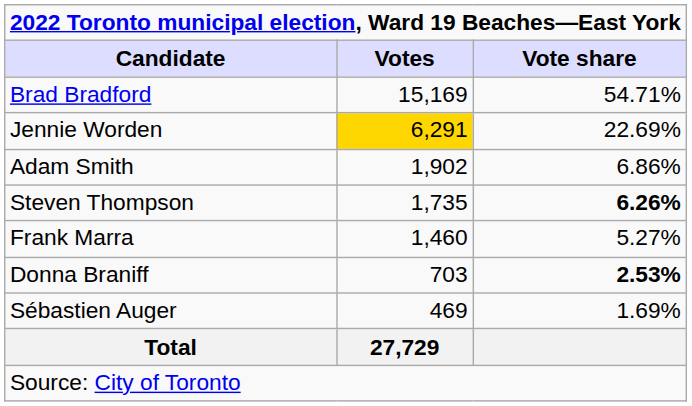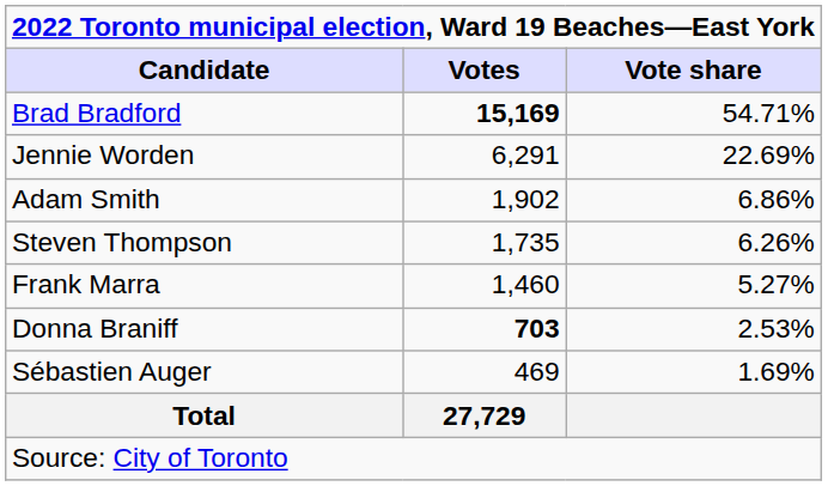 <table class="wikitable plainrowheaders">
 <tr>
 <td colspan="3"><strong><a href='#'>2022 Toronto municipal election</a>, Ward 19 Beaches—East York</strong></td>
 </tr>
 <tr>
 <th scope="col" style="background:#ddf;">Candidate</th>
 <th scope="col" style="background:#ddf;">Votes</th>
 <th scope="col" style="background:#ddf;">Vote share</th>
 </tr>
 <tr>
 <td scope="row"><a href='#'>Brad Bradford</a></td>
-<td align="right">15,169</td>
+<td align="right"><strong>15,169</strong></td>
 <td align="right">54.71%</td>
 </tr>
 <tr>
 <td scope="row">Jennie Worden</td>
-<td align="right" style="background: gold;">6,291</td>
+<td align="right">6,291</td>
 <td align="right">22.69%</td>
 </tr>
 <tr>
 <td scope="row">Adam Smith</td>
 <td align="right">1,902</td>
 <td align="right">6.86%</td>
 </tr>
 <tr>
 <td scope="row">Steven Thompson</td>
 <td align="right">1,735</td>
-<td align="right"><strong>6.26%</strong></td>
+<td align="right">6.26%</td>
 </tr>
 <tr>
 <td scope="row">Frank Marra</td>
 <td align="right">1,460</td>
 <td align="right">5.27%</td>
 </tr>
 <tr>
 <td>Donna Braniff</td>
-<td align="right">703</td>
-<td align="right"><strong>2.53%</strong></td>
+<td align="right"><strong>703</strong></td>
+<td align="right">2.53%</td>
 </tr>
 <tr>
 <td>Sébastien Auger</td>
 <td align="right">469</td>
 <td align="right">1.69%</td>
 </tr>
 <tr>
 <th scope="row"><strong>Total</strong></th>
 <th align="right">27,729</th>
 <th align="right"></th>
 </tr>
 <tr>
 <td colspan="3">Source: <a href='#'>City of Toronto</a></td>
 </tr>
 </table>
